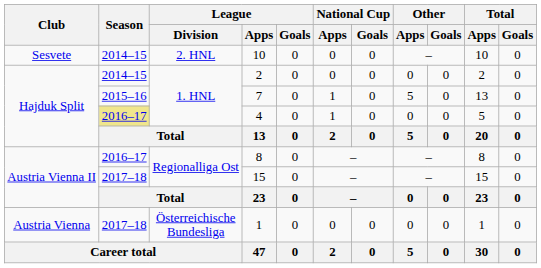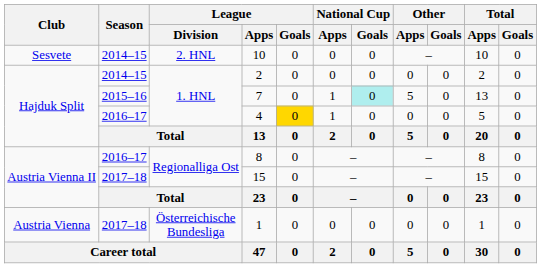 <table class="wikitable" style="text-align:center">
 <tr>
 <th rowspan="2">Club</th>
 <th rowspan="2">Season</th>
 <th colspan="3">League</th>
 <th colspan="2">National Cup</th>
 <th colspan="2">Other</th>
 <th colspan="2">Total</th>
 </tr>
 <tr>
 <th>Division</th>
 <th>Apps</th>
 <th>Goals</th>
 <th>Apps</th>
 <th>Goals</th>
 <th>Apps</th>
 <th>Goals</th>
 <th>Apps</th>
 <th>Goals</th>
 </tr>
 <tr>
 <td><a href='#'>Sesvete</a></td>
 <td><a href='#'>2014–15</a></td>
 <td><a href='#'>2. HNL</a></td>
 <td>10</td>
 <td>0</td>
 <td>0</td>
 <td>0</td>
 <td colspan="2">–</td>
 <td>10</td>
 <td>0</td>
 </tr>
 <tr>
 <td rowspan="4"><a href='#'>Hajduk Split</a></td>
 <td><a href='#'>2014–15</a></td>
 <td rowspan="3"><a href='#'>1. HNL</a></td>
 <td>2</td>
 <td>0</td>
 <td>0</td>
 <td>0</td>
 <td>0</td>
 <td>0</td>
 <td>2</td>
 <td>0</td>
 </tr>
 <tr>
 <td><a href='#'>2015–16</a></td>
 <td>7</td>
 <td>0</td>
 <td>1</td>
-<td>0</td>
+<td style="background: paleturquoise;">0</td>
 <td>5</td>
 <td>0</td>
 <td>13</td>
 <td>0</td>
 </tr>
 <tr>
-<td style="background: khaki;"><a href='#'>2016–17</a></td>
+<td><a href='#'>2016–17</a></td>
 <td>4</td>
-<td>0</td>
+<td style="background: gold;">0</td>
 <td>1</td>
 <td>0</td>
 <td>0</td>
 <td>0</td>
 <td>5</td>
 <td>0</td>
 </tr>
 <tr>
 <th colspan="2">Total</th>
 <th>13</th>
 <th>0</th>
 <th>2</th>
 <th>0</th>
 <th>5</th>
 <th>0</th>
 <th>20</th>
 <th>0</th>
 </tr>
 <tr>
 <td rowspan="3"><a href='#'>Austria Vienna II</a></td>
 <td><a href='#'>2016–17</a></td>
 <td rowspan="2"><a href='#'>Regionalliga Ost</a></td>
 <td>8</td>
 <td>0</td>
 <td colspan="2">–</td>
 <td colspan="2">–</td>
 <td>8</td>
 <td>0</td>
 </tr>
 <tr>
 <td><a href='#'>2017–18</a></td>
 <td>15</td>
 <td>0</td>
 <td colspan="2">–</td>
 <td colspan="2">–</td>
 <td>15</td>
 <td>0</td>
 </tr>
 <tr>
 <th colspan="2">Total</th>
 <th>23</th>
 <th>0</th>
 <th colspan="2">–</th>
 <th>0</th>
 <th>0</th>
 <th>23</th>
 <th>0</th>
 </tr>
 <tr>
 <td><a href='#'>Austria Vienna</a></td>
 <td><a href='#'>2017–18</a></td>
 <td><a href='#'>Österreichische<br>Bundesliga</a></td>
 <td>1</td>
 <td>0</td>
 <td>0</td>
 <td>0</td>
 <td>0</td>
 <td>0</td>
 <td>1</td>
 <td>0</td>
 </tr>
 <tr>
 <th colspan="3">Career total</th>
 <th>47</th>
 <th>0</th>
 <th>2</th>
 <th>0</th>
 <th>5</th>
 <th>0</th>
 <th>30</th>
 <th>0</th>
 </tr>
 </table>
